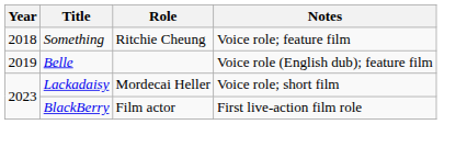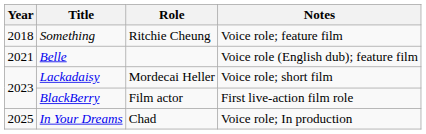 <table class="wikitable">
 <tr>
 <th>Year</th>
 <th>Title</th>
 <th>Role</th>
 <th>Notes</th>
 </tr>
 <tr>
 <td>2018</td>
 <td><em>Something</em></td>
 <td>Ritchie Cheung</td>
 <td>Voice role; feature film</td>
 </tr>
 <tr>
-<td>2019</td>
+<td>2021</td>
 <td><em><a href='#'>Belle</a></em></td>
 <td></td>
 <td>Voice role (English dub); feature film</td>
 </tr>
 <tr>
 <td rowspan="2">2023</td>
 <td><em><a href='#'>Lackadaisy</a></em></td>
 <td>Mordecai Heller</td>
 <td>Voice role; short film</td>
 </tr>
 <tr>
 <td><em><a href='#'>BlackBerry</a></em></td>
 <td>Film actor</td>
 <td>First live-action film role</td>
 </tr>
+<tr>
+<td>2025</td>
+<td><em><a href='#'>In Your Dreams</a></em></td>
+<td>Chad</td>
+<td>Voice role; In production</td>
+</tr>
 </table>
